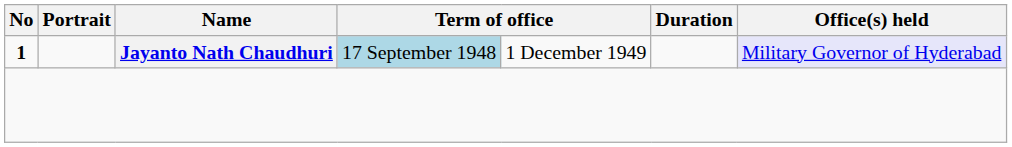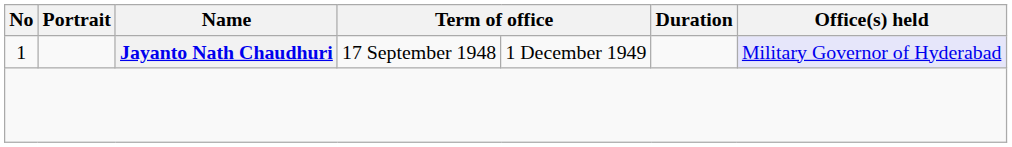 <table class="wikitable">
 <tr>
 <th>No</th>
 <th>Portrait</th>
 <th>Name</th>
 <th colspan=2>Term of office</th>
 <th scope=col>Duration</th>
 <th>Office(s) held</th>
 </tr>
 <tr align=center>
-<td><strong>1</strong></td>
+<td>1</td>
 <td></td>
 <th><a href='#'>Jayanto Nath Chaudhuri</a></th>
-<td style="background: lightblue;">17 September 1948</td>
+<td>17 September 1948</td>
 <td>1 December 1949</td>
 <td></td>
 <td style="background: lavender;"><a href='#'>Military Governor of Hyderabad</a></td>
 </tr>
 <tr align=center style="height: 60px;">
 </tr>
 </table>
